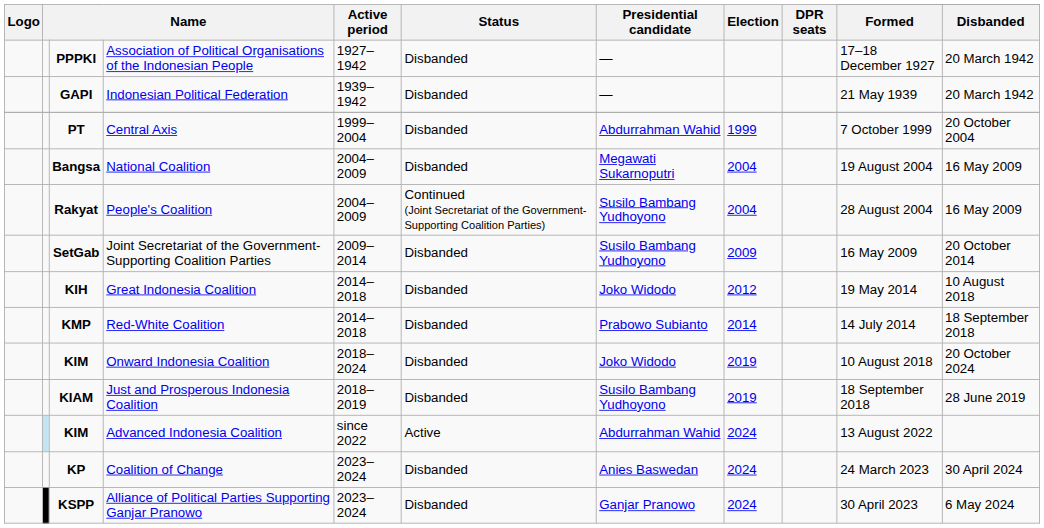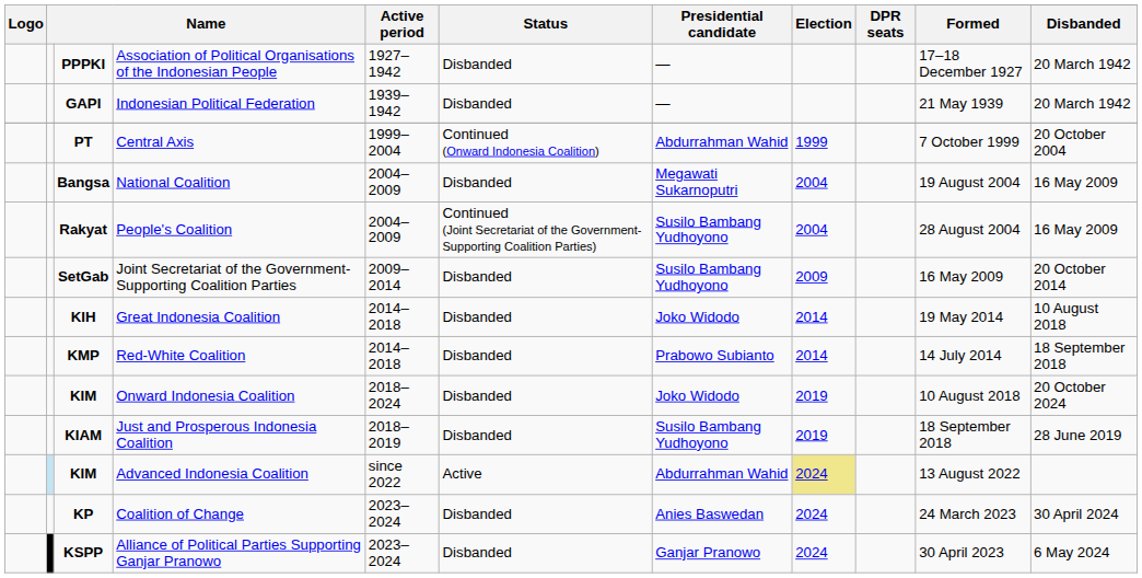 <table class="wikitable">
 <tr>
 <th rowspan="2">Logo</th>
 <th colspan="3" rowspan="2">Name</th>
 <th rowspan="2">Active period</th>
 <th rowspan="2">Status</th>
 <th rowspan="2">Presidential candidate</th>
 <th rowspan="2">Election</th>
 <th rowspan="2">DPR seats</th>
 </tr>
 <tr>
 <th>Formed</th>
 <th>Disbanded</th>
 </tr>
 <tr>
 <td></td>
 <td style=></td>
 <td style="text-align:center;"><strong>PPPKI</strong></td>
 <td><a href='#'>Association of Political Organisations<br>of the Indonesian People</a><br></td>
 <td>1927–1942</td>
 <td>Disbanded</td>
 <td>—</td>
 <td></td>
 <td></td>
 <td>17–18 December 1927</td>
 <td>20 March 1942</td>
 </tr>
 <tr>
 <td></td>
 <td style=></td>
 <td style="text-align:center;"><strong>GAPI</strong></td>
 <td><a href='#'>Indonesian Political Federation</a><br></td>
 <td>1939–1942</td>
 <td>Disbanded</td>
 <td>—</td>
 <td></td>
 <td></td>
 <td>21 May 1939</td>
 <td>20 March 1942</td>
 </tr>
 <tr>
 </tr>
 <tr>
 <td></td>
 <td style="background:"></td>
 <td style="text-align:center;"><strong>PT</strong></td>
 <td><a href='#'>Central Axis</a><br></td>
 <td>1999–2004</td>
-<td>Disbanded</td>
+<td>Continued<br><small>(<a href='#'>Onward Indonesia Coalition</a>)</small></td>
 <td><a href='#'>Abdurrahman Wahid</a></td>
 <td><a href='#'>1999</a></td>
 <td></td>
 <td>7 October 1999</td>
 <td>20 October 2004</td>
 </tr>
 <tr>
 <td></td>
 <td style="background:"></td>
 <td style="text-align:center;"><strong>Bangsa</strong></td>
 <td><a href='#'>National Coalition</a><br></td>
 <td>2004–2009</td>
 <td>Disbanded</td>
 <td><a href='#'>Megawati Sukarnoputri</a></td>
 <td><a href='#'>2004</a></td>
 <td></td>
 <td>19 August 2004</td>
 <td>16 May 2009</td>
 </tr>
 <tr>
 <td></td>
 <td style="background:"></td>
 <td style="text-align:center;"><strong>Rakyat</strong></td>
 <td><a href='#'>People's Coalition</a><br></td>
 <td>2004–2009</td>
 <td>Continued<br><small>(Joint Secretariat of the Government-Supporting Coalition Parties)</small></td>
 <td><a href='#'>Susilo Bambang Yudhoyono</a></td>
 <td><a href='#'>2004</a></td>
 <td></td>
 <td>28 August 2004</td>
 <td>16 May 2009</td>
 </tr>
 <tr>
 <td></td>
 <td style="background:"></td>
 <td style="text-align:center;"><strong>SetGab</strong></td>
 <td>Joint Secretariat of the Government-Supporting Coalition Parties <br></td>
 <td>2009–2014</td>
 <td>Disbanded</td>
 <td><a href='#'>Susilo Bambang Yudhoyono</a></td>
 <td><a href='#'>2009</a></td>
 <td></td>
 <td>16 May 2009</td>
 <td>20 October 2014</td>
 </tr>
 <tr>
 <td></td>
 <td style="background:"></td>
 <td style="text-align:center;"><strong>KIH</strong></td>
 <td><a href='#'>Great Indonesia Coalition</a><br></td>
 <td>2014–2018</td>
 <td>Disbanded</td>
 <td><a href='#'>Joko Widodo</a></td>
-<td><a href='#'>2012</a></td>
+<td><a href='#'>2014</a></td>
 <td></td>
 <td>19 May 2014</td>
 <td>10 August 2018</td>
 </tr>
 <tr>
 <td></td>
 <td style="background:"></td>
 <td style="text-align:center;"><strong>KMP</strong></td>
 <td><a href='#'>Red-White Coalition</a><br></td>
 <td>2014–2018</td>
 <td>Disbanded</td>
 <td><a href='#'>Prabowo Subianto</a></td>
 <td><a href='#'>2014</a></td>
 <td></td>
 <td>14 July 2014</td>
 <td>18 September 2018</td>
 </tr>
 <tr>
 <td></td>
 <td style="background:"></td>
 <td style="text-align:center;"><strong>KIM</strong></td>
 <td><a href='#'>Onward Indonesia Coalition</a><br></td>
 <td>2018–2024</td>
 <td>Disbanded</td>
 <td><a href='#'>Joko Widodo</a></td>
 <td><a href='#'>2019</a></td>
 <td></td>
 <td>10 August 2018</td>
 <td>20 October 2024</td>
 </tr>
 <tr>
 <td></td>
 <td style="background:"></td>
 <td style="text-align:center;"><strong>KIAM</strong></td>
 <td><a href='#'>Just and Prosperous Indonesia Coalition</a><br></td>
 <td>2018–2019</td>
 <td>Disbanded</td>
 <td><a href='#'>Susilo Bambang Yudhoyono</a></td>
 <td><a href='#'>2019</a></td>
 <td></td>
 <td>18 September 2018</td>
 <td>28 June 2019</td>
 </tr>
 <tr>
 <td></td>
 <td style="background:#C3E4F3;"></td>
 <td style="text-align:center;"><strong>KIM</strong></td>
 <td><a href='#'>Advanced Indonesia Coalition</a><br></td>
 <td>since 2022</td>
 <td>Active</td>
 <td><a href='#'>Abdurrahman Wahid</a></td>
-<td><a href='#'>2024</a></td>
+<td style="background: khaki;"><a href='#'>2024</a></td>
 <td></td>
 <td>13 August 2022</td>
 <td></td>
 </tr>
 <tr>
 <td></td>
 <td style="background:"></td>
 <td style="text-align:center;"><strong>KP</strong></td>
 <td><a href='#'>Coalition of Change</a><br></td>
 <td>2023–2024</td>
 <td>Disbanded</td>
 <td><a href='#'>Anies Baswedan</a></td>
 <td><a href='#'>2024</a></td>
 <td></td>
 <td>24 March 2023</td>
 <td>30 April 2024</td>
 </tr>
 <tr>
 <td></td>
 <td style="background:#000;"></td>
 <td style="text-align:center;"><strong>KSPP</strong></td>
 <td><a href='#'>Alliance of Political Parties Supporting Ganjar Pranowo</a><br></td>
 <td>2023–2024</td>
 <td>Disbanded</td>
 <td><a href='#'>Ganjar Pranowo</a></td>
 <td><a href='#'>2024</a></td>
 <td></td>
 <td>30 April 2023</td>
 <td>6 May 2024</td>
 </tr>
 </table>
